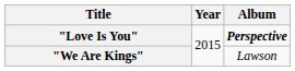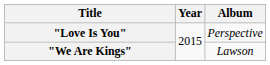 <table class="wikitable plainrowheaders" style="text-align:center;">
 <tr>
 <th scope="col" style="width:14em;">Title</th>
 <th scope="col" style="width:1em;">Year</th>
 <th scope="col">Album</th>
 </tr>
 <tr>
 <th scope="row">"Love Is You"</th>
 <td rowspan="2">2015</td>
-<td><strong><em>Perspective</em></strong></td>
+<td><em>Perspective</em></td>
 </tr>
 <tr>
 <th scope="row">"We Are Kings"</th>
 <td><em>Lawson</em></td>
 </tr>
 </table>
